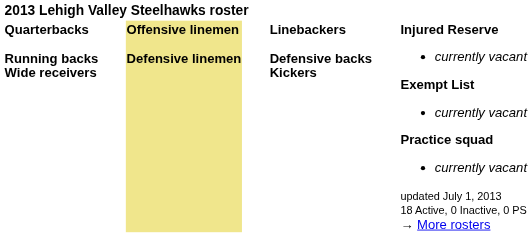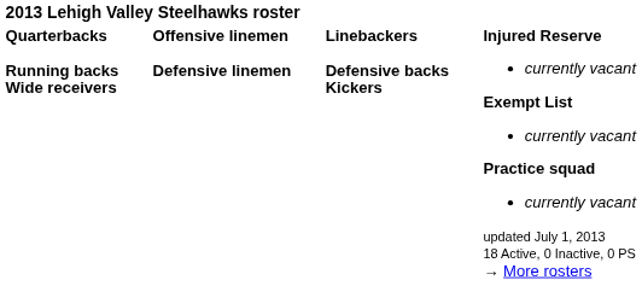 <table class="toccolours" style="text-align: left;">
 <tr>
 <th colspan="7"><strong>2013 Lehigh Valley Steelhawks roster</strong></th>
 </tr>
 <tr>
 <td style="font-size: 95%;" valign="top"><strong>Quarterbacks</strong><br> <br><strong>Running backs</strong> <br><strong>Wide receivers</strong>   </td>
 <td style="width: 25px;"></td>
-<td style="background: khaki; font-size: 95%;" valign="top"><strong>Offensive linemen</strong><br>  <br><strong>Defensive linemen</strong>   </td>
+<td style="font-size: 95%;" valign="top"><strong>Offensive linemen</strong><br>  <br><strong>Defensive linemen</strong>   </td>
 <td style="width: 25px;"></td>
 <td style="font-size: 95%;" valign="top"><strong>Linebackers</strong><br> <br><strong>Defensive backs</strong>   <br><strong>Kickers</strong> </td>
 <td style="width: 25px;"></td>
 <td style="font-size: 95%;" valign="top"><strong>Injured Reserve</strong><br><ul><li><em>currently vacant</em></li></ul><strong>Exempt List</strong><ul><li><em>currently vacant</em></li></ul><strong>Practice squad</strong><ul><li><em>currently vacant</em></li></ul><small>  updated July 1, 2013</small><br> <small>18 Active, 0 Inactive, 0 PS</small><br>→ <a href='#'>More rosters</a></td>
 </tr>
 <tr>
 </tr>
 </table>
